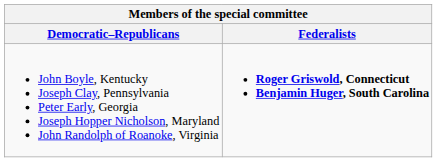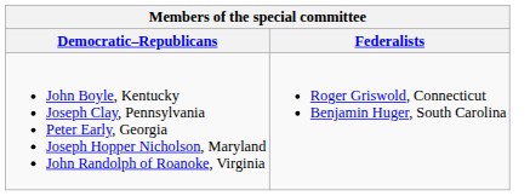 <table class=wikitable>
 <tr>
 <th Colspan=3>Members of the special committee</th>
 </tr>
 <tr>
 <th><a href='#'>Democratic–Republicans</a></th>
 <th><a href='#'>Federalists</a></th>
 </tr>
 <tr>
 <td valign=top ><br><ul><li><a href='#'>John Boyle</a>, Kentucky</li><li><a href='#'>Joseph Clay</a>, Pennsylvania</li><li><a href='#'>Peter Early</a>, Georgia</li><li><a href='#'>Joseph Hopper Nicholson</a>, Maryland</li><li><a href='#'>John Randolph of Roanoke</a>, Virginia</li></ul></td>
-<td valign=top ><strong><br><ul><li><a href='#'>Roger Griswold</a>, Connecticut</li><li><a href='#'>Benjamin Huger</a>, South Carolina</li></ul></strong></td>
+<td valign=top ><br><ul><li><a href='#'>Roger Griswold</a>, Connecticut</li><li><a href='#'>Benjamin Huger</a>, South Carolina</li></ul></td>
 </tr>
 </table>
